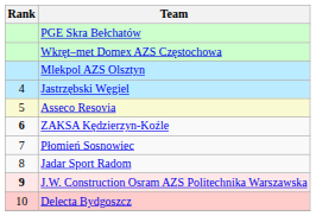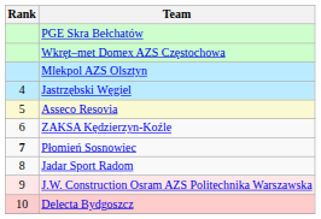 <table class="wikitable" style="white-space: nowrap; width:25%;">
 <tr>
 <th width=15%>Rank</th>
 <th>Team</th>
 </tr>
 <tr bgcolor=#CCFFCC>
 <td style="text-align:center;"></td>
 <td><a href='#'>PGE Skra Bełchatów</a></td>
 </tr>
 <tr bgcolor=#CCFFCC>
 <td style="text-align:center;"></td>
 <td><a href='#'>Wkręt–met Domex AZS Częstochowa</a></td>
 </tr>
 <tr bgcolor=#BBEBFF>
 <td style="text-align:center;"></td>
 <td><a href='#'>Mlekpol AZS Olsztyn</a></td>
 </tr>
 <tr bgcolor=#BBEBFF>
 <td style="text-align:center;">4</td>
 <td><a href='#'>Jastrzębski Węgiel</a></td>
 </tr>
 <tr bgcolor=#FAFAD2>
 <td style="text-align:center;">5</td>
 <td><a href='#'>Asseco Resovia</a></td>
 </tr>
 <tr>
-<td style="text-align:center;"><strong>6</strong></td>
+<td style="text-align:center;">6</td>
 <td><a href='#'>ZAKSA Kędzierzyn-Koźle</a></td>
 </tr>
 <tr>
-<td style="text-align:center;">7</td>
+<td style="text-align:center;"><strong>7</strong></td>
 <td><a href='#'>Płomień Sosnowiec</a></td>
 </tr>
 <tr>
 <td style="text-align:center;">8</td>
 <td><a href='#'>Jadar Sport Radom</a></td>
 </tr>
 <tr bgcolor=#FFE7E7>
-<td style="text-align:center;"><strong>9</strong></td>
+<td style="text-align:center;">9</td>
 <td><a href='#'>J.W. Construction Osram AZS Politechnika Warszawska</a></td>
 </tr>
 <tr bgcolor=#FFCCCC>
 <td style="text-align:center;">10</td>
 <td><a href='#'>Delecta Bydgoszcz</a></td>
 </tr>
 <tr>
 </tr>
 </table>
